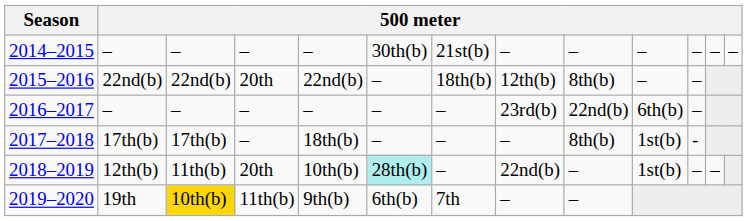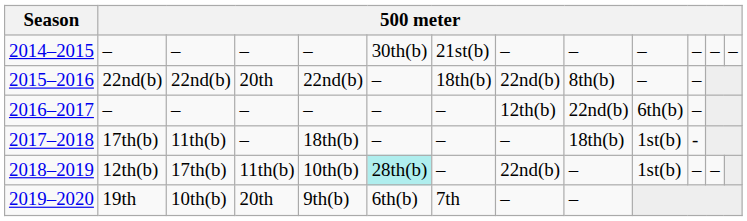 <table class="wikitable" style="display: inline-table;">
 <tr>
 <th>Season</th>
 <th colspan="14">500 meter</th>
 </tr>
 <tr>
 <td><a href='#'>2014–2015</a></td>
 <td>–</td>
 <td>–</td>
 <td>–</td>
 <td>–</td>
 <td>30th(b)</td>
 <td>21st(b)</td>
 <td>–</td>
 <td>–</td>
 <td>–</td>
 <td>–</td>
 <td>–</td>
 <td>–</td>
 </tr>
 <tr>
 <td><a href='#'>2015–2016</a></td>
 <td>22nd(b)</td>
 <td>22nd(b)</td>
 <td>20th</td>
 <td>22nd(b)</td>
 <td>–</td>
 <td>18th(b)</td>
-<td>12th(b)</td>
+<td>22nd(b)</td>
 <td>8th(b)</td>
 <td>–</td>
 <td>–</td>
 <td colspan="12" bgcolor=#EEEEEE></td>
 </tr>
 <tr>
 <td><a href='#'>2016–2017</a></td>
 <td>–</td>
 <td>–</td>
 <td>–</td>
 <td>–</td>
 <td>–</td>
 <td>–</td>
-<td>23rd(b)</td>
+<td>12th(b)</td>
 <td>22nd(b)</td>
 <td>6th(b)</td>
 <td>–</td>
 <td colspan="12" bgcolor=#EEEEEE></td>
 </tr>
 <tr>
 <td><a href='#'>2017–2018</a></td>
 <td>17th(b)</td>
-<td>17th(b)</td>
+<td>11th(b)</td>
 <td>–</td>
 <td>18th(b)</td>
 <td>–</td>
 <td>–</td>
 <td>–</td>
-<td>8th(b)</td>
+<td>18th(b)</td>
 <td>1st(b)</td>
 <td>-</td>
 <td colspan="12" bgcolor=#EEEEEE></td>
 </tr>
 <tr>
 <td><a href='#'>2018–2019</a></td>
 <td>12th(b)</td>
+<td>17th(b)</td>
 <td>11th(b)</td>
-<td>20th</td>
 <td>10th(b)</td>
 <td style="background: paleturquoise;">28th(b)</td>
 <td>–</td>
 <td>22nd(b)</td>
 <td>–</td>
 <td>1st(b)</td>
 <td>–</td>
 <td>–</td>
 <td colspan="12" bgcolor=#EEEEEE></td>
 </tr>
 <tr>
 <td><a href='#'>2019–2020</a></td>
 <td>19th</td>
-<td style="background: gold;">10th(b)</td>
-<td>11th(b)</td>
+<td>10th(b)</td>
+<td>20th</td>
 <td>9th(b)</td>
 <td>6th(b)</td>
 <td>7th</td>
 <td>–</td>
 <td>–</td>
 <td colspan="4" bgcolor=#EEEEEE></td>
 </tr>
 </table>
